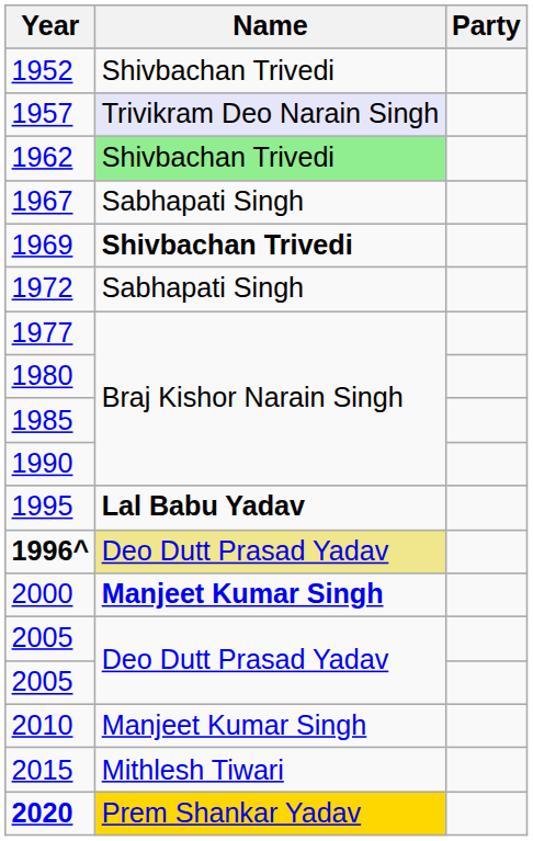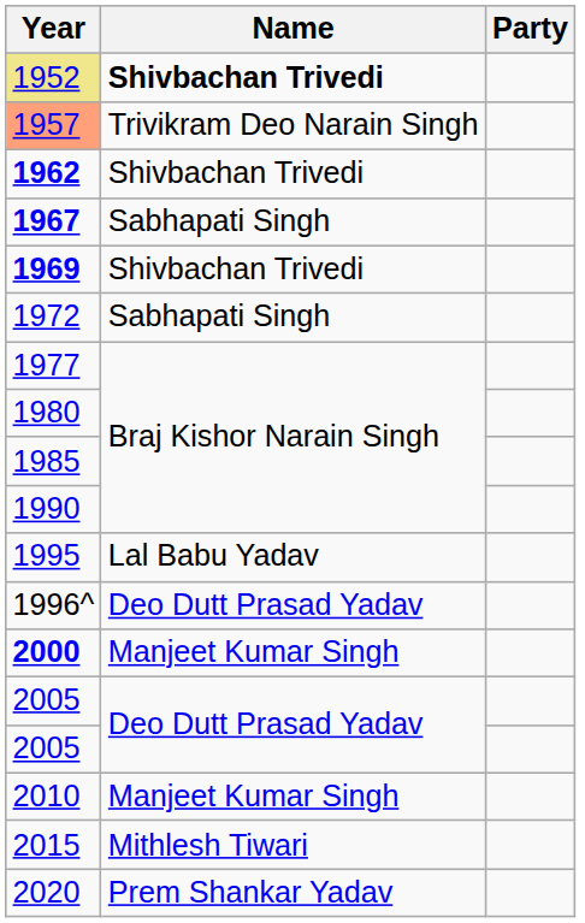 <table class="wikitable sortable">
 <tr>
 <th>Year</th>
 <th>Name</th>
 <th colspan="2">Party</th>
 </tr>
 <tr>
-<td><a href='#'>1952</a></td>
+<td style="background: khaki;"><a href='#'>1952</a></td>
+<td><strong>Shivbachan Trivedi</strong></td>
+<td></td>
+</tr>
+<tr>
+<td style="background: lightsalmon;"><a href='#'>1957</a></td>
+<td>Trivikram Deo Narain Singh</td>
+<td></td>
+</tr>
+<tr>
+<td><strong><a href='#'>1962</a></strong></td>
 <td>Shivbachan Trivedi</td>
 <td></td>
 </tr>
 <tr>
-<td><a href='#'>1957</a></td>
-<td style="background: lavender;">Trivikram Deo Narain Singh</td>
-<td></td>
-</tr>
-<tr>
-<td><a href='#'>1962</a></td>
-<td style="background: lightgreen;">Shivbachan Trivedi</td>
-<td></td>
-</tr>
-<tr>
-<td><a href='#'>1967</a></td>
+<td><strong><a href='#'>1967</a></strong></td>
 <td>Sabhapati Singh</td>
 <td></td>
 </tr>
 <tr>
-<td><a href='#'>1969</a></td>
-<td><strong>Shivbachan Trivedi</strong></td>
+<td><strong><a href='#'>1969</a></strong></td>
+<td>Shivbachan Trivedi</td>
 <td></td>
 </tr>
 <tr>
 <td><a href='#'>1972</a></td>
 <td>Sabhapati Singh</td>
 <td></td>
 </tr>
 <tr>
 <td><a href='#'>1977</a></td>
 <td rowspan="4">Braj Kishor Narain Singh</td>
 <td></td>
 </tr>
 <tr>
 <td><a href='#'>1980</a></td>
 </tr>
 <tr>
 <td><a href='#'>1985</a></td>
 <td></td>
 </tr>
 <tr>
 <td><a href='#'>1990</a></td>
 </tr>
 <tr>
 <td><a href='#'>1995</a></td>
-<td><strong>Lal Babu Yadav</strong></td>
+<td>Lal Babu Yadav</td>
 <td></td>
 </tr>
 <tr>
-<td><strong>1996^</strong></td>
-<td style="background: khaki;"><a href='#'>Deo Dutt Prasad Yadav</a></td>
+<td>1996^</td>
+<td><a href='#'>Deo Dutt Prasad Yadav</a></td>
 </tr>
 <tr>
-<td><a href='#'>2000</a></td>
-<td><strong><a href='#'>Manjeet Kumar Singh</a></strong></td>
+<td><strong><a href='#'>2000</a></strong></td>
+<td><a href='#'>Manjeet Kumar Singh</a></td>
 <td></td>
 </tr>
 <tr>
 <td><a href='#'>2005</a></td>
 <td rowspan="2"><a href='#'>Deo Dutt Prasad Yadav</a></td>
 <td></td>
 </tr>
 <tr>
 <td><a href='#'>2005</a></td>
 </tr>
 <tr>
 <td><a href='#'>2010</a></td>
 <td><a href='#'>Manjeet Kumar Singh</a></td>
 <td></td>
 </tr>
 <tr>
 <td><a href='#'>2015</a></td>
 <td><a href='#'>Mithlesh Tiwari</a></td>
 <td></td>
 </tr>
 <tr>
-<td><strong><a href='#'>2020</a></strong></td>
-<td style="background: gold;"><a href='#'>Prem Shankar Yadav</a></td>
+<td><a href='#'>2020</a></td>
+<td><a href='#'>Prem Shankar Yadav</a></td>
 <td></td>
 </tr>
 </table>
